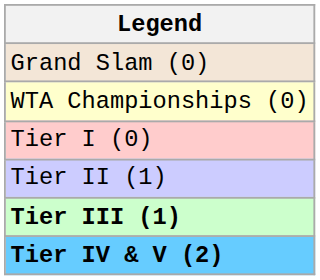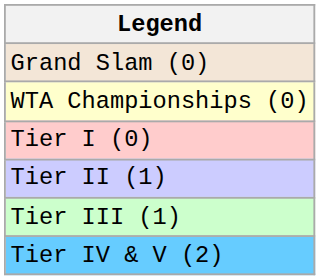 <table class="wikitable sortable mw-collapsible mw-collapsed">
 <tr>
 <th>Legend</th>
 </tr>
 <tr style="background:#f3e6d7;">
 <td>Grand Slam (0)</td>
 </tr>
 <tr style="background:#ffc;">
 <td>WTA Championships (0)</td>
 </tr>
 <tr style="background:#ffcccc;">
 <td>Tier I (0)</td>
 </tr>
 <tr style="background:#ccf;">
 <td>Tier II (1)</td>
 </tr>
 <tr style="background:#cfc;">
-<td><strong>Tier III (1)</strong></td>
+<td>Tier III (1)</td>
 </tr>
 <tr style="background:#6cf;">
-<td><strong>Tier IV & V (2)</strong></td>
+<td>Tier IV & V (2)</td>
 </tr>
 </table>
